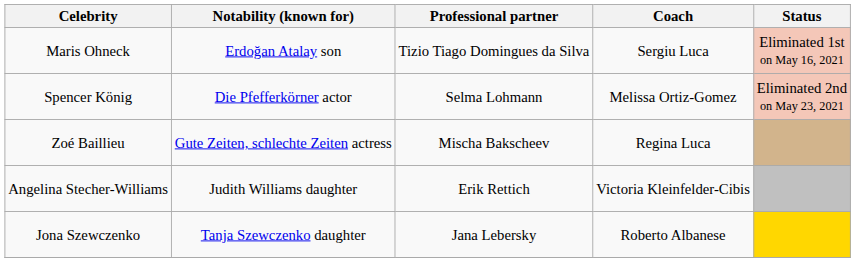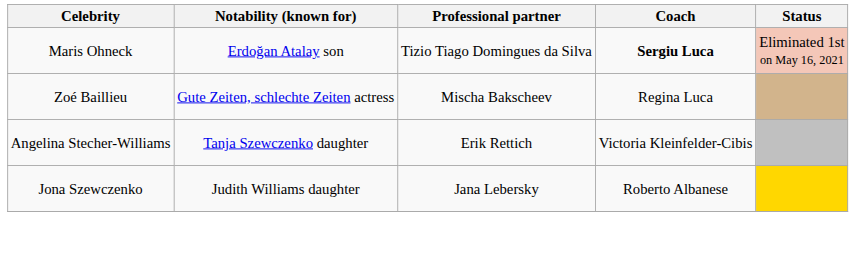 <table class= "wikitable sortable" style="text-align: center; margin:auto; align: center">
 <tr>
 <th>Celebrity</th>
 <th>Notability (known for)</th>
 <th>Professional partner</th>
 <th>Coach</th>
 <th>Status</th>
 </tr>
 <tr style="height:50px">
 <td>Maris Ohneck</td>
 <td><a href='#'>Erdoğan Atalay</a> son</td>
 <td>Tizio Tiago Domingues da Silva</td>
-<td>Sergiu Luca</td>
+<td><strong>Sergiu Luca</strong></td>
 <td bgcolor="#F4C7B8">Eliminated 1st<br><small>on May 16, 2021</small></td>
-</tr>
-<tr style="height:50px">
-<td>Spencer König</td>
-<td><a href='#'>Die Pfefferkörner</a> actor</td>
-<td>Selma Lohmann</td>
-<td>Melissa Ortiz-Gomez</td>
-<td bgcolor="#F4C7B8">Eliminated 2nd<br><small>on May 23, 2021</small></td>
 </tr>
 <tr style="height:50px">
 <td>Zoé Baillieu</td>
 <td><a href='#'>Gute Zeiten, schlechte Zeiten</a> actress</td>
 <td>Mischa Bakscheev</td>
 <td>Regina Luca</td>
 <td bgcolor="tan"></td>
 </tr>
 <tr style="height:50px">
 <td>Angelina Stecher-Williams</td>
-<td>Judith Williams daughter</td>
+<td><a href='#'>Tanja Szewczenko</a> daughter</td>
 <td>Erik Rettich</td>
 <td>Victoria Kleinfelder-Cibis</td>
 <td bgcolor="silver"></td>
 </tr>
 <tr style="height:50px">
 <td>Jona Szewczenko</td>
-<td><a href='#'>Tanja Szewczenko</a> daughter</td>
+<td>Judith Williams daughter</td>
 <td>Jana Lebersky</td>
 <td>Roberto Albanese</td>
 <td bgcolor="gold"></td>
 </tr>
 <tr>
 </tr>
 </table>
